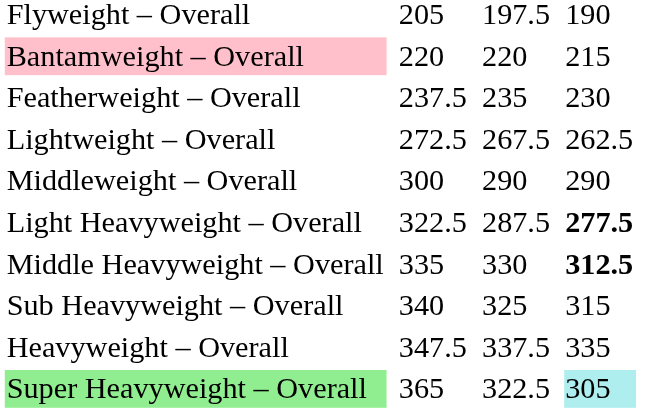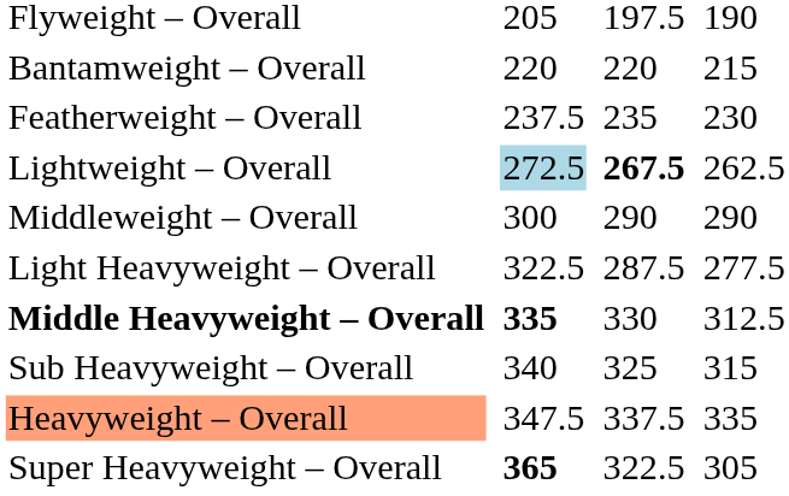 <table>
 <tr>
 <td>Flyweight – Overall</td>
 <td></td>
 <td>205</td>
 <td></td>
 <td>197.5</td>
 <td></td>
 <td>190</td>
 </tr>
 <tr>
-<td style="background: pink;">Bantamweight – Overall</td>
+<td>Bantamweight – Overall</td>
 <td></td>
 <td>220</td>
 <td></td>
 <td>220</td>
 <td></td>
 <td>215</td>
 </tr>
 <tr>
 <td>Featherweight – Overall</td>
 <td></td>
 <td>237.5</td>
 <td></td>
 <td>235</td>
 <td></td>
 <td>230</td>
 </tr>
 <tr>
 <td>Lightweight – Overall</td>
 <td></td>
-<td>272.5</td>
+<td style="background: lightblue;">272.5</td>
 <td></td>
-<td>267.5</td>
+<td><strong>267.5</strong></td>
 <td></td>
 <td>262.5</td>
 </tr>
 <tr>
 <td>Middleweight – Overall</td>
 <td></td>
 <td>300</td>
 <td></td>
 <td>290</td>
 <td></td>
 <td>290</td>
 </tr>
 <tr>
 <td>Light Heavyweight – Overall</td>
 <td></td>
 <td>322.5</td>
 <td></td>
 <td>287.5</td>
 <td></td>
-<td><strong>277.5</strong></td>
+<td>277.5</td>
 </tr>
 <tr>
-<td>Middle Heavyweight – Overall</td>
+<td><strong>Middle Heavyweight – Overall</strong></td>
 <td></td>
-<td>335</td>
+<td><strong>335</strong></td>
 <td></td>
 <td>330</td>
 <td></td>
-<td><strong>312.5</strong></td>
+<td>312.5</td>
 </tr>
 <tr>
 <td>Sub Heavyweight – Overall</td>
 <td></td>
 <td>340</td>
 <td></td>
 <td>325</td>
 <td></td>
 <td>315</td>
 </tr>
 <tr>
-<td>Heavyweight – Overall</td>
+<td style="background: lightsalmon;">Heavyweight – Overall</td>
 <td></td>
 <td>347.5</td>
 <td></td>
 <td>337.5</td>
 <td></td>
 <td>335</td>
 </tr>
 <tr>
-<td style="background: lightgreen;">Super Heavyweight – Overall</td>
+<td>Super Heavyweight – Overall</td>
 <td></td>
-<td>365</td>
+<td><strong>365</strong></td>
 <td></td>
 <td>322.5</td>
 <td></td>
-<td style="background: paleturquoise;">305</td>
+<td>305</td>
 </tr>
 </table>
